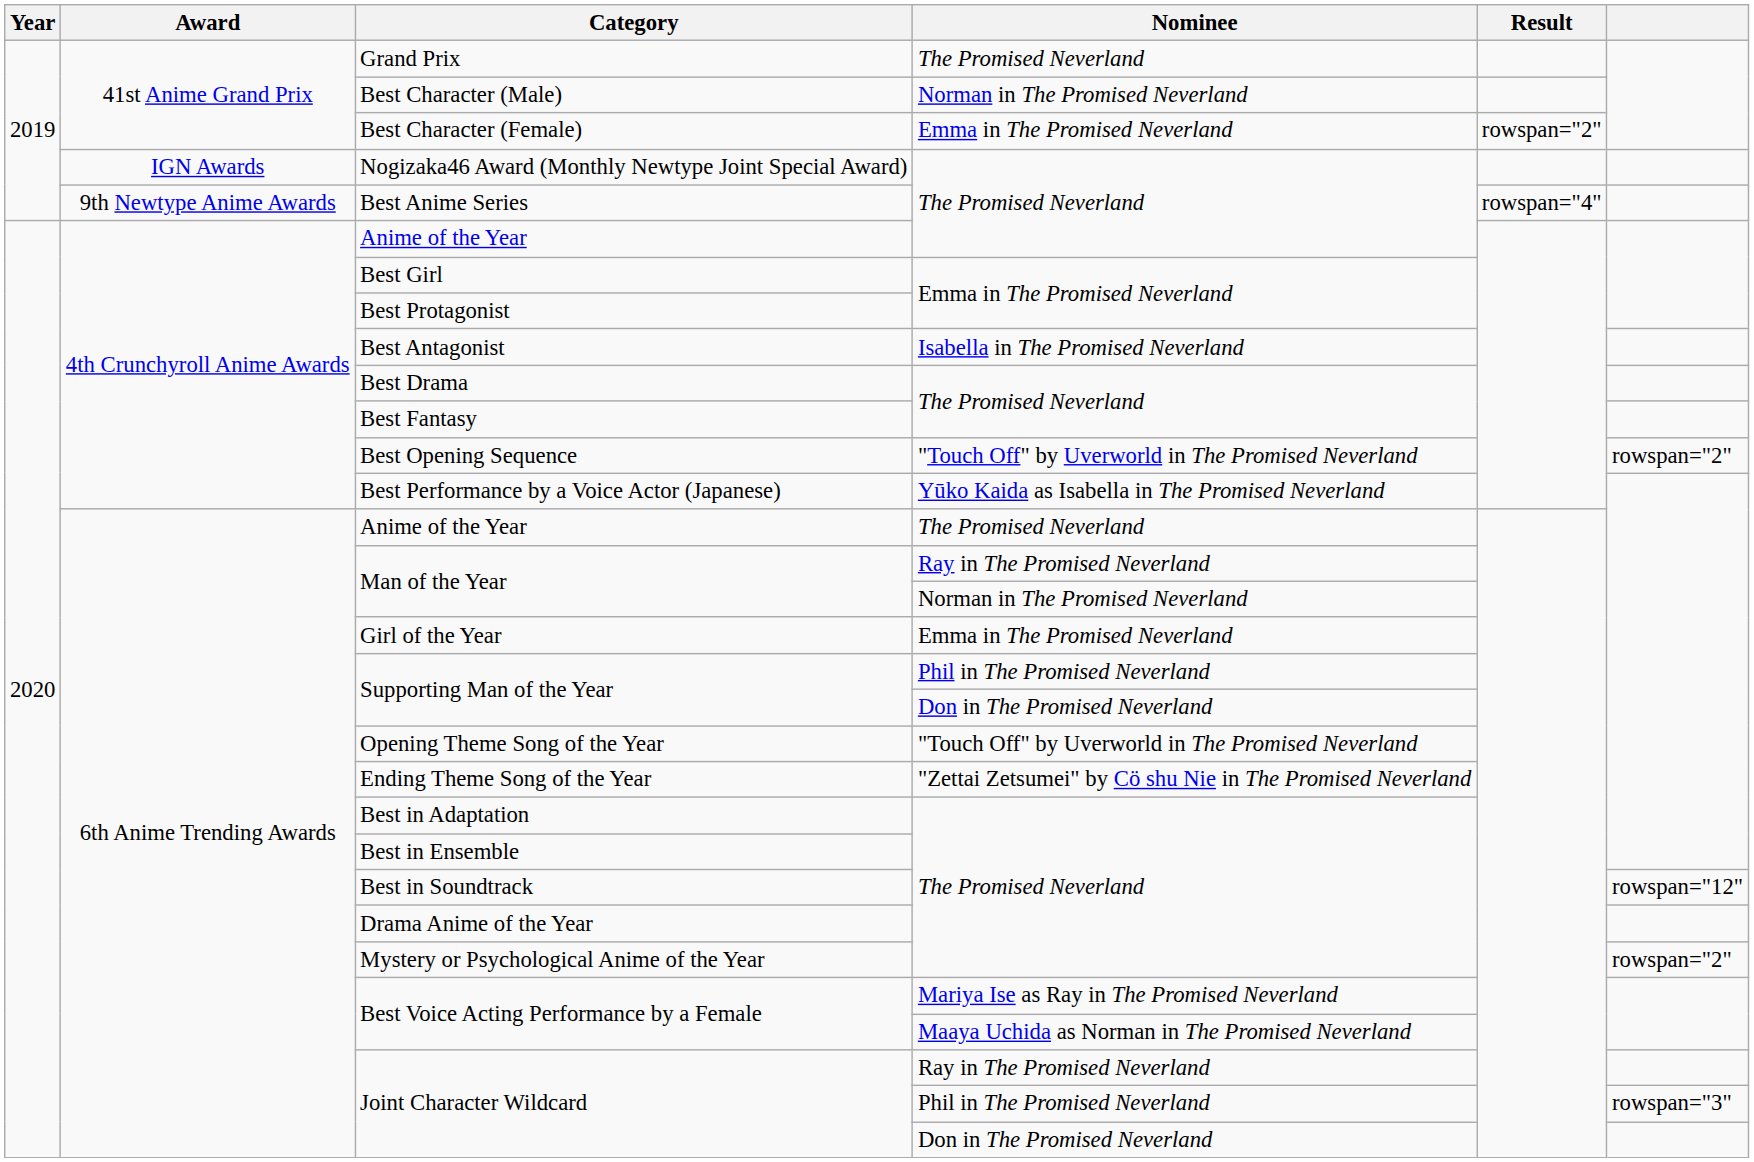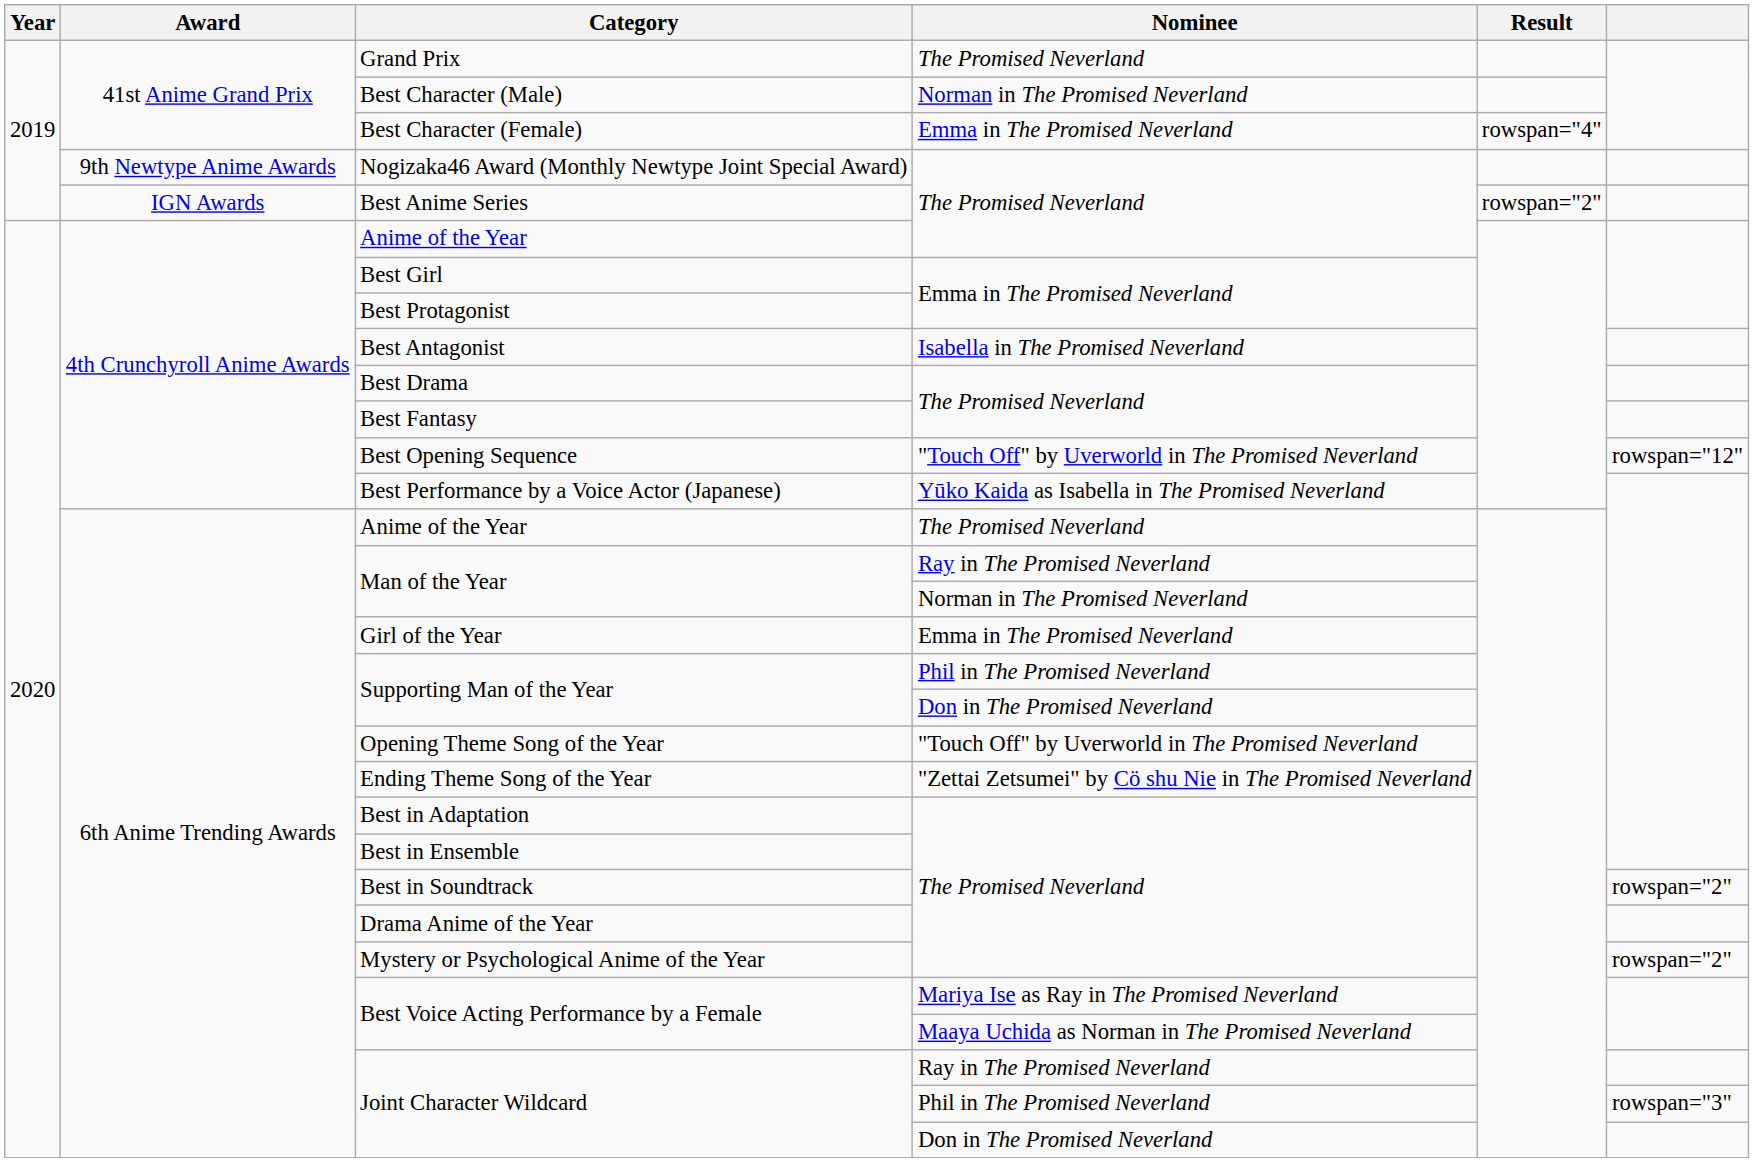 <table class="wikitable plainrowheaders sortable">
 <tr>
 <th scope="col">Year</th>
 <th scope="col">Award</th>
 <th scope="col">Category</th>
 <th scope="col">Nominee</th>
 <th scope="col">Result</th>
 <th scope="col" class="unsortable"></th>
 </tr>
 <tr>
 <td rowspan="5" align="center">2019</td>
 <td rowspan="3" align="center">41st <a href='#'>Anime Grand Prix</a></td>
 <td>Grand Prix</td>
 <td><em>The Promised Neverland</em></td>
 <td></td>
 <td rowspan="3" style="text-align:center;"></td>
 </tr>
 <tr>
 <td>Best Character (Male)</td>
 <td><a href='#'>Norman</a> in <em>The Promised Neverland</em></td>
 <td></td>
 </tr>
 <tr>
 <td>Best Character (Female)</td>
 <td><a href='#'>Emma</a> in <em>The Promised Neverland</em></td>
-<td>rowspan="2" </td>
+<td>rowspan="4" </td>
 </tr>
 <tr>
-<td align="center"><a href='#'>IGN Awards</a></td>
+<td align="center">9th <a href='#'>Newtype Anime Awards</a></td>
 <td>Nogizaka46 Award (Monthly Newtype Joint Special Award)</td>
 <td rowspan="3"><em>The Promised Neverland</em></td>
 <td style="text-align:center;"></td>
 </tr>
 <tr>
-<td align="center">9th <a href='#'>Newtype Anime Awards</a></td>
+<td align="center"><a href='#'>IGN Awards</a></td>
 <td>Best Anime Series</td>
-<td>rowspan="4" </td>
+<td>rowspan="2" </td>
 <td style="text-align:center;"></td>
 </tr>
 <tr>
 <td rowspan="26" align="center">2020</td>
 <td rowspan="8" align="center"><a href='#'>4th Crunchyroll Anime Awards</a></td>
 <td><a href='#'>Anime of the Year</a></td>
 <td rowspan="8" style="text-align:center;"></td>
 </tr>
 <tr>
 <td>Best Girl</td>
 <td rowspan="2">Emma in <em>The Promised Neverland</em></td>
 </tr>
 <tr>
 <td>Best Protagonist</td>
 </tr>
 <tr>
 <td>Best Antagonist</td>
 <td><a href='#'>Isabella</a> in <em>The Promised Neverland</em></td>
 <td></td>
 </tr>
 <tr>
 <td>Best Drama</td>
 <td rowspan="2"><em>The Promised Neverland</em></td>
 <td></td>
 </tr>
 <tr>
 <td>Best Fantasy</td>
 <td></td>
 </tr>
 <tr>
 <td>Best Opening Sequence</td>
 <td>"<a href='#'>Touch Off</a>" by <a href='#'>Uverworld</a> in <em>The Promised Neverland</em></td>
-<td>rowspan="2" </td>
+<td>rowspan="12" </td>
 </tr>
 <tr>
 <td>Best Performance by a Voice Actor (Japanese)</td>
 <td><a href='#'>Yūko Kaida</a> as Isabella in <em>The Promised Neverland</em></td>
 </tr>
 <tr>
 <td rowspan="18" align="center">6th Anime Trending Awards</td>
 <td>Anime of the Year</td>
 <td><em>The Promised Neverland</em></td>
 <td rowspan="18" style="text-align:center;"></td>
 </tr>
 <tr>
 <td rowspan="2">Man of the Year</td>
 <td><a href='#'>Ray</a> in <em>The Promised Neverland</em></td>
 </tr>
 <tr>
 <td>Norman in <em>The Promised Neverland</em></td>
 </tr>
 <tr>
 <td>Girl of the Year</td>
 <td>Emma in <em>The Promised Neverland</em></td>
 </tr>
 <tr>
 <td rowspan="2">Supporting Man of the Year</td>
 <td><a href='#'>Phil</a> in <em>The Promised Neverland</em></td>
 </tr>
 <tr>
 <td><a href='#'>Don</a> in <em>The Promised Neverland</em></td>
 </tr>
 <tr>
 <td>Opening Theme Song of the Year</td>
 <td>"Touch Off" by Uverworld in <em>The Promised Neverland</em></td>
 </tr>
 <tr>
 <td>Ending Theme Song of the Year</td>
 <td>"Zettai Zetsumei" by <a href='#'>Cö shu Nie</a> in <em>The Promised Neverland</em></td>
 </tr>
 <tr>
 <td>Best in Adaptation</td>
 <td rowspan="5"><em>The Promised Neverland</em></td>
 </tr>
 <tr>
 <td>Best in Ensemble</td>
 </tr>
 <tr>
 <td>Best in Soundtrack</td>
-<td>rowspan="12" </td>
+<td>rowspan="2" </td>
 </tr>
 <tr>
 <td>Drama Anime of the Year</td>
 </tr>
 <tr>
 <td>Mystery or Psychological Anime of the Year</td>
 <td>rowspan="2" </td>
 </tr>
 <tr>
 <td rowspan="2">Best Voice Acting Performance by a Female</td>
 <td><a href='#'>Mariya Ise</a> as Ray in <em>The Promised Neverland</em></td>
 </tr>
 <tr>
 <td><a href='#'>Maaya Uchida</a> as Norman in <em>The Promised Neverland</em></td>
 </tr>
 <tr>
 <td rowspan="3">Joint Character Wildcard</td>
 <td>Ray in <em>The Promised Neverland</em></td>
 <td></td>
 </tr>
 <tr>
 <td>Phil in <em>The Promised Neverland</em></td>
 <td>rowspan="3" </td>
 </tr>
 <tr>
 <td>Don in <em>The Promised Neverland</em></td>
 </tr>
 </table>
